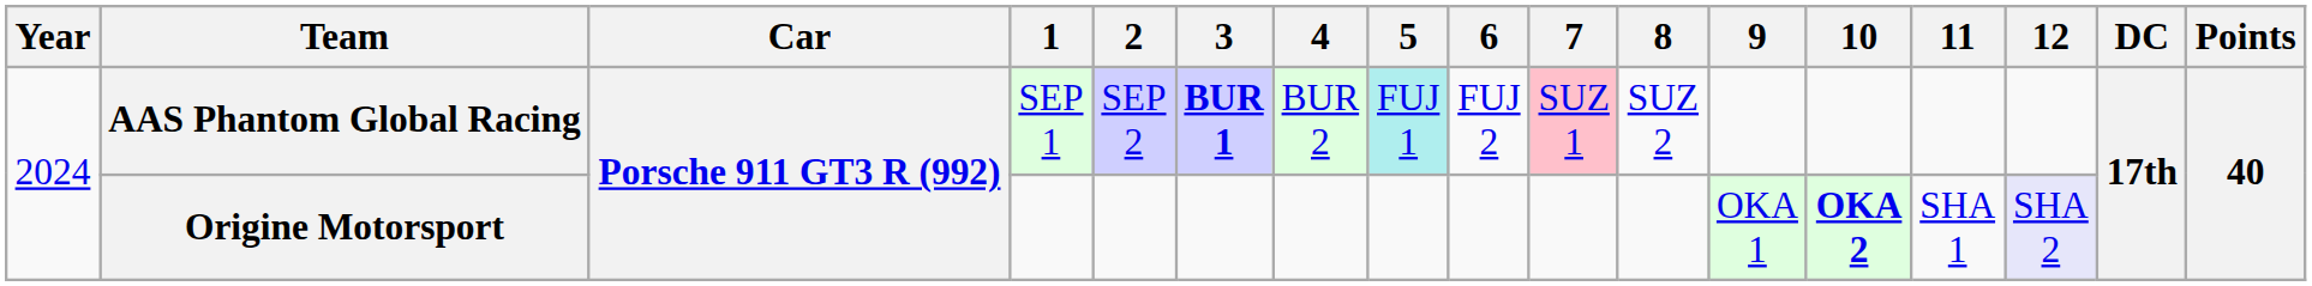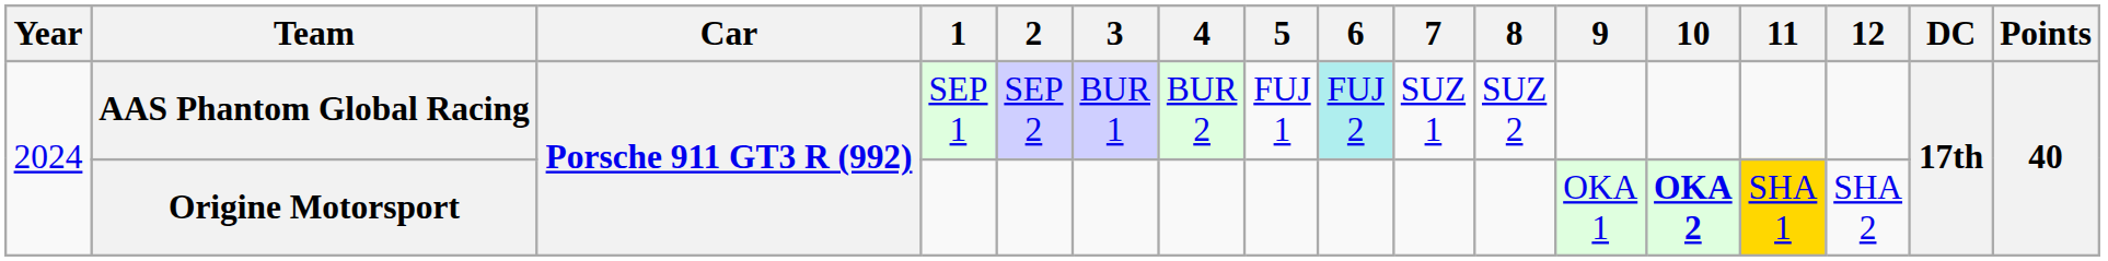 <table class="wikitable" style="text-align:center; font-size:85%">
 <tr>
 <th>Year</th>
 <th>Team</th>
 <th>Car</th>
 <th>1</th>
 <th>2</th>
 <th>3</th>
 <th>4</th>
 <th>5</th>
 <th>6</th>
 <th>7</th>
 <th>8</th>
 <th>9</th>
 <th>10</th>
 <th>11</th>
 <th>12</th>
 <th>DC</th>
 <th>Points</th>
 </tr>
 <tr>
 <td rowspan="2"><a href='#'>2024</a></td>
 <th>AAS Phantom Global Racing</th>
 <th rowspan="2"><a href='#'>Porsche 911 GT3 R (992)</a></th>
 <td style="background:#DFFFDF;"><a href='#'>SEP<br>1</a><br></td>
 <td style="background:#CFCFFF;"><a href='#'>SEP<br>2</a><br></td>
-<td style="background:#CFCFFF;"><strong><a href='#'>BUR<br>1</a><br></strong></td>
+<td style="background:#CFCFFF;"><a href='#'>BUR<br>1</a><br></td>
 <td style="background:#DFFFDF;"><a href='#'>BUR<br>2</a><br></td>
-<td style="background: paleturquoise;"><a href='#'>FUJ<br>1</a></td>
-<td><a href='#'>FUJ<br>2</a></td>
-<td style="background: pink;"><a href='#'>SUZ<br>1</a></td>
+<td><a href='#'>FUJ<br>1</a></td>
+<td style="background: paleturquoise;"><a href='#'>FUJ<br>2</a></td>
+<td><a href='#'>SUZ<br>1</a></td>
 <td><a href='#'>SUZ<br>2</a></td>
 <td></td>
 <td></td>
 <td></td>
 <td></td>
 <th rowspan="2">17th</th>
 <th rowspan="2">40</th>
 </tr>
 <tr>
 <th>Origine Motorsport</th>
 <td></td>
 <td></td>
 <td></td>
 <td></td>
 <td></td>
 <td></td>
 <td></td>
 <td></td>
 <td style="background:#DFFFDF;"><a href='#'>OKA<br>1</a><br></td>
 <td style="background:#DFFFDF;"><strong><a href='#'>OKA<br>2</a></strong><br></td>
-<td><a href='#'>SHA<br>1</a></td>
-<td style="background: lavender;"><a href='#'>SHA<br>2</a></td>
+<td style="background: gold;"><a href='#'>SHA<br>1</a></td>
+<td><a href='#'>SHA<br>2</a></td>
 </tr>
 </table>
